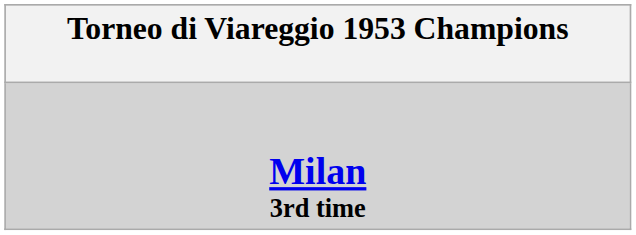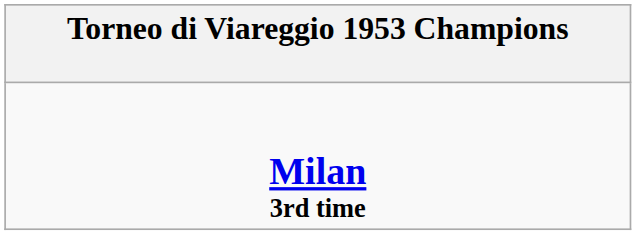 <table class="wikitable" style="margin: 0 auto; width: 30%;">
 <tr>
 <th><big>Torneo di Viareggio 1953 Champions</big><br><br></th>
 </tr>
 <tr>
-<td align=center style="background: lightgrey;"><br><br><big><big><strong><a href='#'>Milan</a></strong><br></big></big><strong>3rd time</strong></td>
+<td align=center><br><br><big><big><strong><a href='#'>Milan</a></strong><br></big></big><strong>3rd time</strong></td>
 </tr>
 </table>
